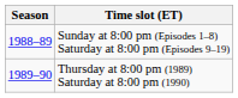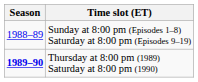 <table class="wikitable">
 <tr>
 <th>Season</th>
 <th>Time slot (ET)</th>
 </tr>
 <tr>
 <td><a href='#'>1988–89</a></td>
 <td>Sunday at 8:00 pm <small>(Episodes 1–8)</small><br>Saturday at 8:00 pm <small>(Episodes 9–19)</small></td>
 </tr>
 <tr>
-<td><a href='#'>1989–90</a></td>
+<td><strong><a href='#'>1989–90</a></strong></td>
 <td>Thursday at 8:00 pm <small>(1989)</small><br>Saturday at 8:00 pm <small>(1990)</small></td>
 </tr>
 </table>
